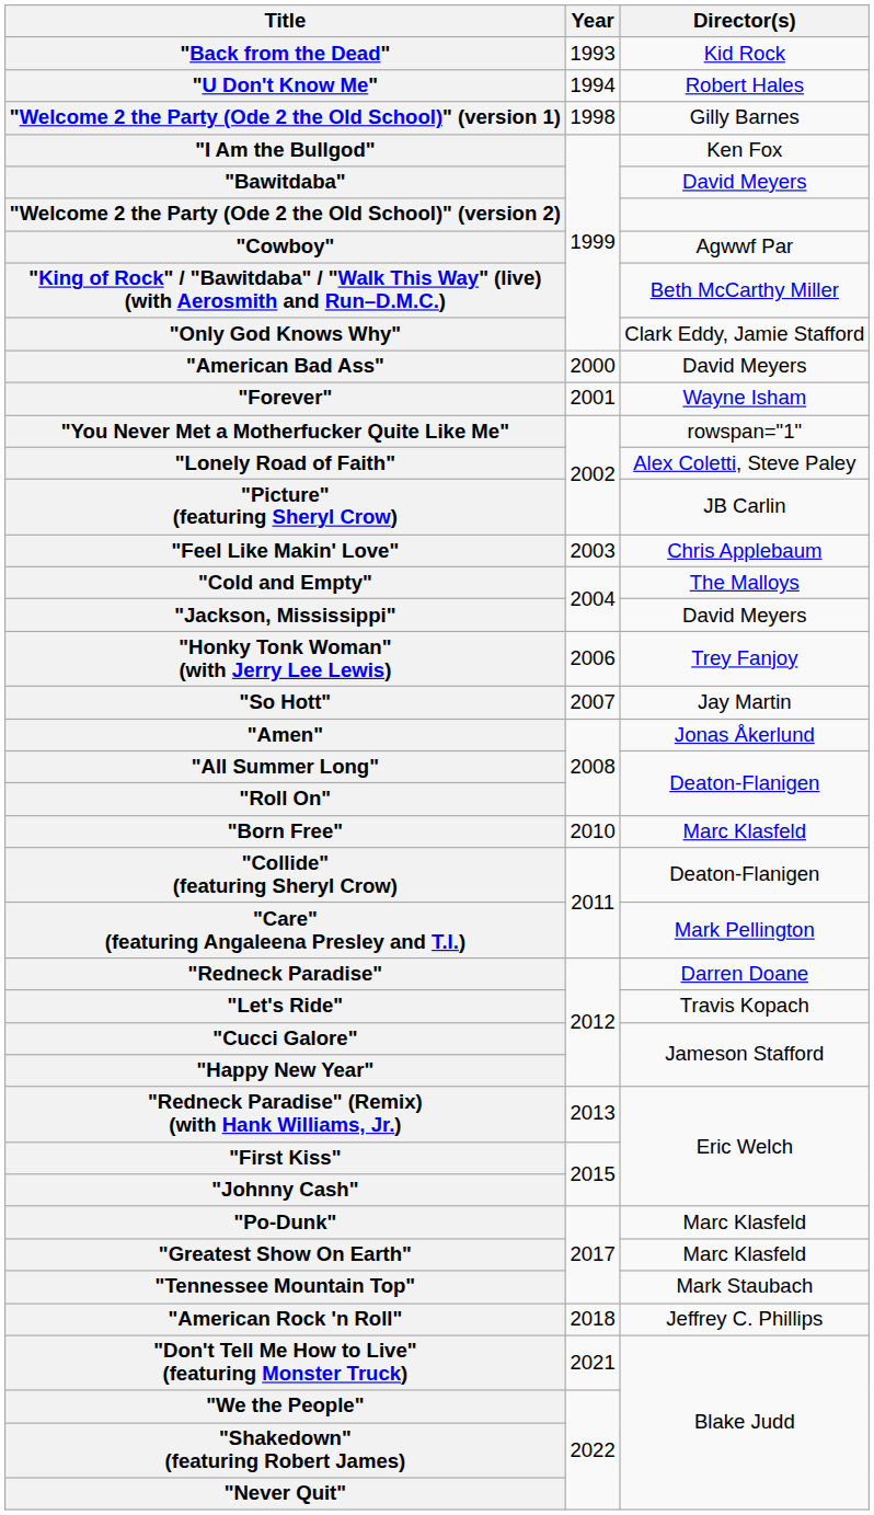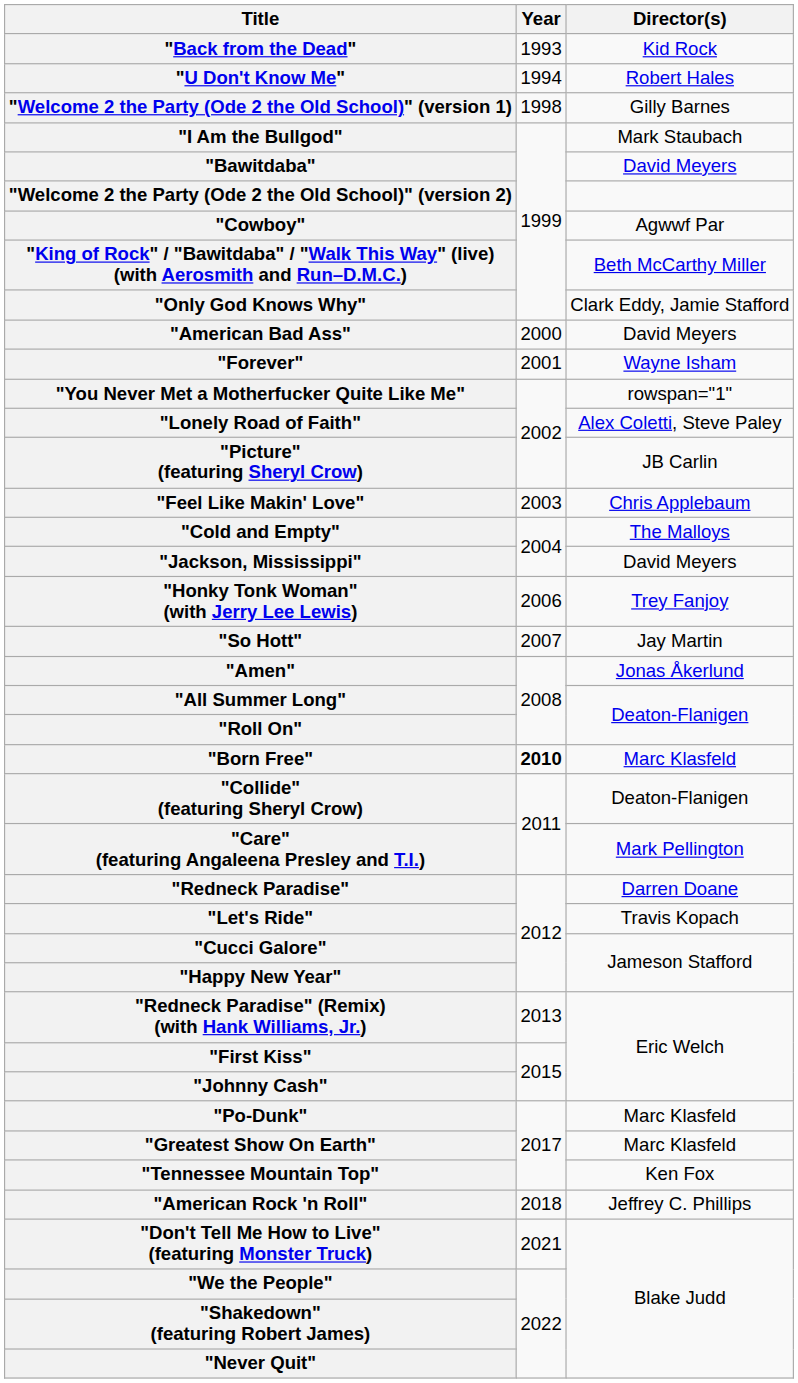 <table class="wikitable plainrowheaders" style="text-align:center;">
 <tr>
 <th scope="col">Title</th>
 <th scope="col">Year</th>
 <th scope="col">Director(s)</th>
 </tr>
 <tr>
 <th scope="row">"<a href='#'>Back from the Dead</a>"</th>
 <td>1993</td>
 <td><a href='#'>Kid Rock</a></td>
 </tr>
 <tr>
 <th scope="row">"<a href='#'>U Don't Know Me</a>"</th>
 <td>1994</td>
 <td><a href='#'>Robert Hales</a></td>
 </tr>
 <tr>
 <th scope="row">"<a href='#'>Welcome 2 the Party (Ode 2 the Old School)</a>" (version 1)</th>
 <td>1998</td>
 <td>Gilly Barnes</td>
 </tr>
 <tr>
 <th scope="row">"I Am the Bullgod"</th>
 <td rowspan="6">1999</td>
-<td>Ken Fox</td>
+<td>Mark Staubach</td>
 </tr>
 <tr>
 <th scope="row">"Bawitdaba"</th>
 <td><a href='#'>David Meyers</a></td>
 </tr>
 <tr>
 <th scope="row">"Welcome 2 the Party (Ode 2 the Old School)" (version 2)</th>
 <td></td>
 </tr>
 <tr>
 <th scope="row">"Cowboy"</th>
 <td>Agwwf Par</td>
 </tr>
 <tr>
 <th scope="row">"<a href='#'>King of Rock</a>" / "Bawitdaba" / "<a href='#'>Walk This Way</a>" (live)<br><span>(with <a href='#'>Aerosmith</a> and <a href='#'>Run–D.M.C.</a>)</span></th>
 <td><a href='#'>Beth McCarthy Miller</a></td>
 </tr>
 <tr>
 <th scope="row">"Only God Knows Why"</th>
 <td>Clark Eddy, Jamie Stafford</td>
 </tr>
 <tr>
 <th scope="row">"American Bad Ass"</th>
 <td>2000</td>
 <td>David Meyers</td>
 </tr>
 <tr>
 <th scope="row">"Forever"</th>
 <td>2001</td>
 <td><a href='#'>Wayne Isham</a></td>
 </tr>
 <tr>
 <th scope="row">"You Never Met a Motherfucker Quite Like Me"</th>
 <td rowspan="3">2002</td>
 <td>rowspan="1" </td>
 </tr>
 <tr>
 <th scope="row">"Lonely Road of Faith"</th>
 <td><a href='#'>Alex Coletti</a>, Steve Paley</td>
 </tr>
 <tr>
 <th scope="row">"Picture"<br><span>(featuring <a href='#'>Sheryl Crow</a>)</span></th>
 <td>JB Carlin</td>
 </tr>
 <tr>
 <th scope="row">"Feel Like Makin' Love"</th>
 <td>2003</td>
 <td><a href='#'>Chris Applebaum</a></td>
 </tr>
 <tr>
 <th scope="row">"Cold and Empty"</th>
 <td rowspan="2">2004</td>
 <td><a href='#'>The Malloys</a></td>
 </tr>
 <tr>
 <th scope="row">"Jackson, Mississippi"</th>
 <td>David Meyers</td>
 </tr>
 <tr>
 <th scope="row">"Honky Tonk Woman"<br><span>(with <a href='#'>Jerry Lee Lewis</a>)</span></th>
 <td>2006</td>
 <td><a href='#'>Trey Fanjoy</a></td>
 </tr>
 <tr>
 <th scope="row">"So Hott"</th>
 <td>2007</td>
 <td>Jay Martin</td>
 </tr>
 <tr>
 <th scope="row">"Amen"</th>
 <td rowspan="3">2008</td>
 <td><a href='#'>Jonas Åkerlund</a></td>
 </tr>
 <tr>
 <th scope="row">"All Summer Long"</th>
 <td rowspan="2"><a href='#'>Deaton-Flanigen</a></td>
 </tr>
 <tr>
 <th scope="row">"Roll On"</th>
 </tr>
 <tr>
 <th scope="row">"Born Free"</th>
-<td>2010</td>
+<td><strong>2010</strong></td>
 <td><a href='#'>Marc Klasfeld</a></td>
 </tr>
 <tr>
 <th scope="row">"Collide"<br><span>(featuring Sheryl Crow)</span></th>
 <td rowspan="2">2011</td>
 <td>Deaton-Flanigen</td>
 </tr>
 <tr>
 <th scope="row">"Care"<br><span>(featuring Angaleena Presley and <a href='#'>T.I.</a>)</span></th>
 <td><a href='#'>Mark Pellington</a></td>
 </tr>
 <tr>
 <th scope="row">"Redneck Paradise"</th>
 <td rowspan="4">2012</td>
 <td><a href='#'>Darren Doane</a></td>
 </tr>
 <tr>
 <th scope="row">"Let's Ride"</th>
 <td>Travis Kopach</td>
 </tr>
 <tr>
 <th scope="row">"Cucci Galore"</th>
 <td rowspan="2">Jameson Stafford</td>
 </tr>
 <tr>
 <th scope="row">"Happy New Year"</th>
 </tr>
 <tr>
 <th scope="row">"Redneck Paradise" (Remix)<br><span>(with <a href='#'>Hank Williams, Jr.</a>)</span></th>
 <td>2013</td>
 <td rowspan="3">Eric Welch</td>
 </tr>
 <tr>
 <th scope="row">"First Kiss"</th>
 <td rowspan="2">2015</td>
 </tr>
 <tr>
 <th scope="row">"Johnny Cash"</th>
 </tr>
 <tr>
 <th scope="row">"Po-Dunk"</th>
 <td rowspan="3">2017</td>
 <td>Marc Klasfeld</td>
 </tr>
 <tr>
 <th scope="row">"Greatest Show On Earth"</th>
 <td>Marc Klasfeld</td>
 </tr>
 <tr>
 <th scope="row">"Tennessee Mountain Top"</th>
-<td>Mark Staubach</td>
+<td>Ken Fox</td>
 </tr>
 <tr>
 <th scope="row">"American Rock 'n Roll"</th>
 <td>2018</td>
 <td>Jeffrey C. Phillips</td>
 </tr>
 <tr>
 <th scope="row">"Don't Tell Me How to Live"<br><span>(featuring <a href='#'>Monster Truck</a>)</span></th>
 <td>2021</td>
 <td rowspan="4">Blake Judd</td>
 </tr>
 <tr>
 <th scope="row">"We the People"</th>
 <td rowspan="3">2022</td>
 </tr>
 <tr>
 <th scope="row">"Shakedown"<br><span>(featuring Robert James)</span></th>
 </tr>
 <tr>
 <th scope="row">"Never Quit"</th>
 </tr>
 </table>
